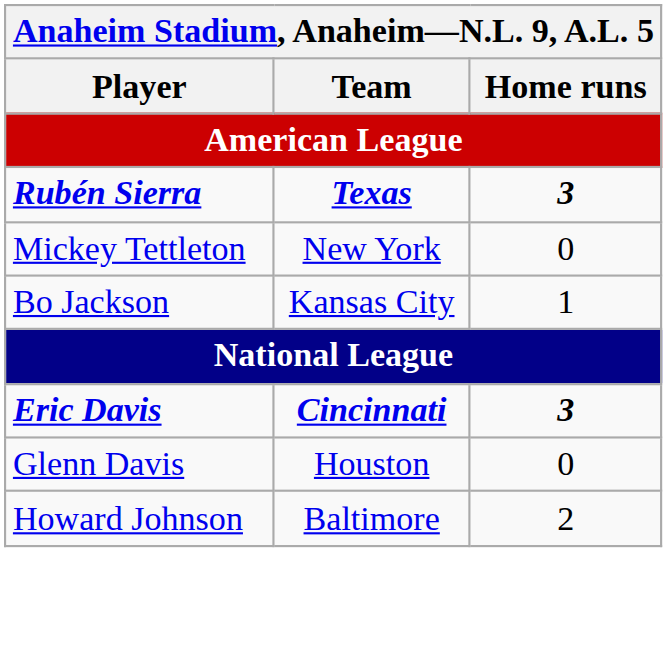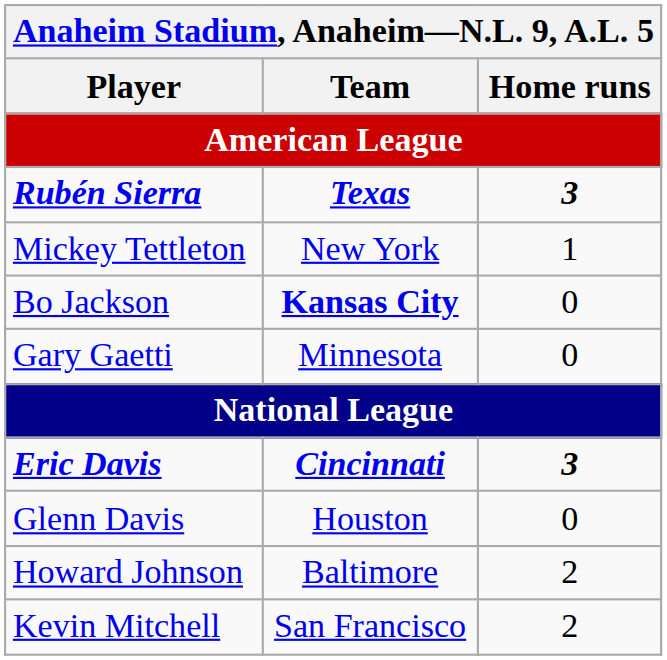 <table class="wikitable" style="text-align:right;">
 <tr>
 <th colspan="3"><a href='#'>Anaheim Stadium</a>, Anaheim—N.L. 9, A.L. 5</th>
 </tr>
 <tr>
 <th>Player</th>
 <th>Team</th>
 <th>Home runs</th>
 </tr>
 <tr>
 <th colspan="3" style="text-align:center; background:#CC0001; color:#FFFFFF;">American League</th>
 </tr>
 <tr>
 <td align="left"><strong><em><a href='#'>Rubén Sierra</a></em></strong></td>
 <td style="text-align:center;"><strong><em><a href='#'>Texas</a></em></strong></td>
 <td style="text-align:center;"><strong><em>3</em></strong></td>
 </tr>
 <tr>
 <td align="left"><a href='#'>Mickey Tettleton</a></td>
 <td style="text-align:center;"><a href='#'>New York</a></td>
+<td style="text-align:center;">1</td>
+</tr>
+<tr>
+<td align="left"><a href='#'>Bo Jackson</a></td>
+<td style="text-align:center;"><strong><a href='#'>Kansas City</a></strong></td>
 <td style="text-align:center;">0</td>
 </tr>
 <tr>
-<td align="left"><a href='#'>Bo Jackson</a></td>
-<td style="text-align:center;"><a href='#'>Kansas City</a></td>
-<td style="text-align:center;">1</td>
+<td align="left"><a href='#'>Gary Gaetti</a></td>
+<td style="text-align:center;"><a href='#'>Minnesota</a></td>
+<td style="text-align:center;">0</td>
 </tr>
 <tr>
 <th colspan="3" style="text-align:center; background:#020088; color:#FFFFFF;">National League</th>
 </tr>
 <tr>
 <td align="left"><strong><em><a href='#'>Eric Davis</a></em></strong></td>
 <td style="text-align:center;"><strong><em><a href='#'>Cincinnati</a></em></strong></td>
 <td style="text-align:center;"><strong><em>3</em></strong></td>
 </tr>
 <tr>
 <td align="left"><a href='#'>Glenn Davis</a></td>
 <td style="text-align:center;"><a href='#'>Houston</a></td>
 <td style="text-align:center;">0</td>
 </tr>
 <tr>
 <td align="left"><a href='#'>Howard Johnson</a></td>
 <td style="text-align:center;"><a href='#'>Baltimore</a></td>
 <td style="text-align:center;">2</td>
 </tr>
+<tr>
+<td align="left"><a href='#'>Kevin Mitchell</a></td>
+<td style="text-align:center;"><a href='#'>San Francisco</a></td>
+<td style="text-align:center;">2</td>
+</tr>
 </table>
